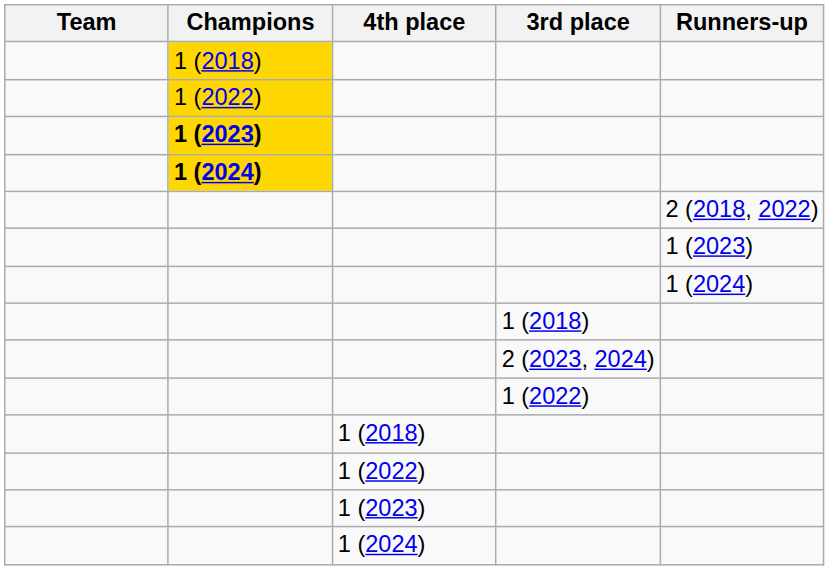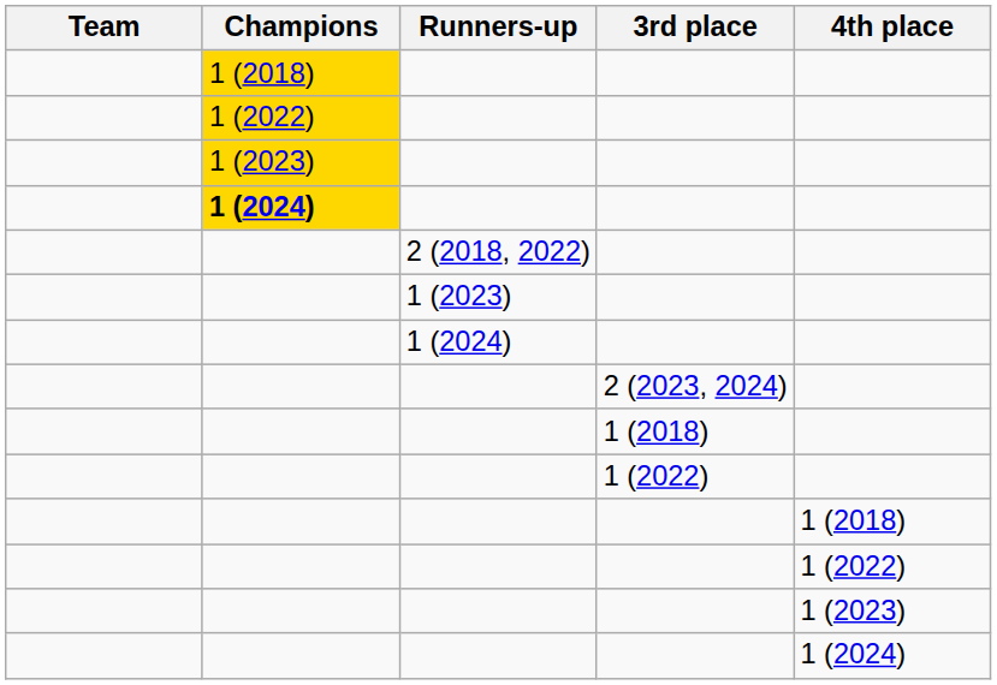 <table class="wikitable">
 <tr>
 <th style="width:20%">Team</th>
 <th style="width:20%">Champions</th>
+<th style="width:20%">Runners-up</th>
+<th style="width:20%">3rd place</th>
 <th style="width:20%">4th place</th>
-<th style="width:20%">3rd place</th>
-<th style="width:20%">Runners-up</th>
 </tr>
 <tr>
 <td></td>
 <td style=background:gold>1 (<a href='#'>2018</a>)</td>
 <td></td>
 <td></td>
 <td></td>
 </tr>
 <tr>
 <td></td>
 <td style=background:gold>1 (<a href='#'>2022</a>)</td>
 <td></td>
 <td></td>
 <td></td>
 </tr>
 <tr>
 <td></td>
-<td style=background:gold><strong>1 (<a href='#'>2023</a>)</strong></td>
+<td style=background:gold>1 (<a href='#'>2023</a>)</td>
 <td></td>
 <td></td>
 <td></td>
 </tr>
 <tr>
 <td></td>
 <td style=background:gold><strong>1 (<a href='#'>2024</a>)</strong></td>
 <td></td>
 <td></td>
 <td></td>
 </tr>
 <tr>
 <td></td>
 <td></td>
-<td></td>
-<td></td>
 <td>2 (<a href='#'>2018</a>, <a href='#'>2022</a>)</td>
-</tr>
-<tr>
-<td></td>
-<td></td>
-<td></td>
-<td></td>
-<td>1 (<a href='#'>2023</a>)</td>
-</tr>
-<tr>
-<td></td>
-<td></td>
-<td></td>
-<td></td>
-<td>1 (<a href='#'>2024</a>)</td>
-</tr>
-<tr>
-<td></td>
-<td></td>
-<td></td>
-<td>1 (<a href='#'>2018</a>)</td>
-<td></td>
-</tr>
-<tr>
-<td></td>
-<td></td>
-<td></td>
-<td>2 (<a href='#'>2023</a>, <a href='#'>2024</a>)</td>
-<td></td>
-</tr>
-<tr>
-<td></td>
-<td></td>
-<td></td>
-<td>1 (<a href='#'>2022</a>)</td>
-<td></td>
-</tr>
-<tr>
-<td></td>
-<td></td>
-<td>1 (<a href='#'>2018</a>)</td>
-<td></td>
-<td></td>
-</tr>
-<tr>
-<td></td>
-<td></td>
-<td>1 (<a href='#'>2022</a>)</td>
 <td></td>
 <td></td>
 </tr>
 <tr>
 <td></td>
 <td></td>
 <td>1 (<a href='#'>2023</a>)</td>
 <td></td>
 <td></td>
 </tr>
 <tr>
 <td></td>
 <td></td>
 <td>1 (<a href='#'>2024</a>)</td>
 <td></td>
 <td></td>
 </tr>
+<tr>
+<td></td>
+<td></td>
+<td></td>
+<td>2 (<a href='#'>2023</a>, <a href='#'>2024</a>)</td>
+<td></td>
+</tr>
+<tr>
+<td></td>
+<td></td>
+<td></td>
+<td>1 (<a href='#'>2018</a>)</td>
+<td></td>
+</tr>
+<tr>
+<td></td>
+<td></td>
+<td></td>
+<td>1 (<a href='#'>2022</a>)</td>
+<td></td>
+</tr>
+<tr>
+<td></td>
+<td></td>
+<td></td>
+<td></td>
+<td>1 (<a href='#'>2018</a>)</td>
+</tr>
+<tr>
+<td></td>
+<td></td>
+<td></td>
+<td></td>
+<td>1 (<a href='#'>2022</a>)</td>
+</tr>
+<tr>
+<td></td>
+<td></td>
+<td></td>
+<td></td>
+<td>1 (<a href='#'>2023</a>)</td>
+</tr>
+<tr>
+<td></td>
+<td></td>
+<td></td>
+<td></td>
+<td>1 (<a href='#'>2024</a>)</td>
+</tr>
 </table>
